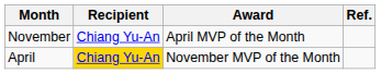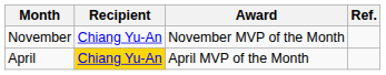 <table class="wikitable">
 <tr>
 <th>Month</th>
 <th>Recipient</th>
 <th>Award</th>
 <th>Ref.</th>
 </tr>
 <tr>
 <td>November</td>
 <td><a href='#'>Chiang Yu-An</a></td>
-<td>April MVP of the Month</td>
+<td>November MVP of the Month</td>
 <td></td>
 </tr>
 <tr>
 <td>April</td>
 <td style="background: gold;"><a href='#'>Chiang Yu-An</a></td>
-<td>November MVP of the Month</td>
+<td>April MVP of the Month</td>
 <td></td>
 </tr>
 </table>
